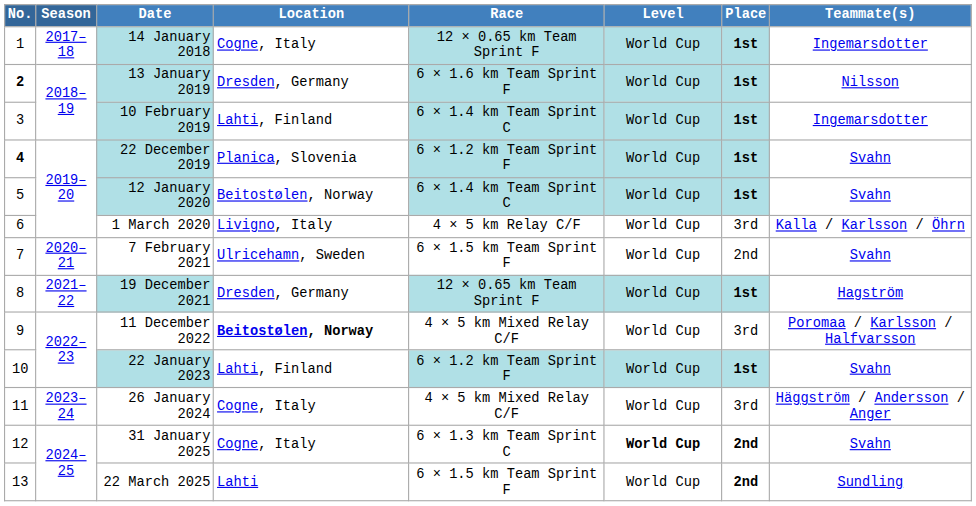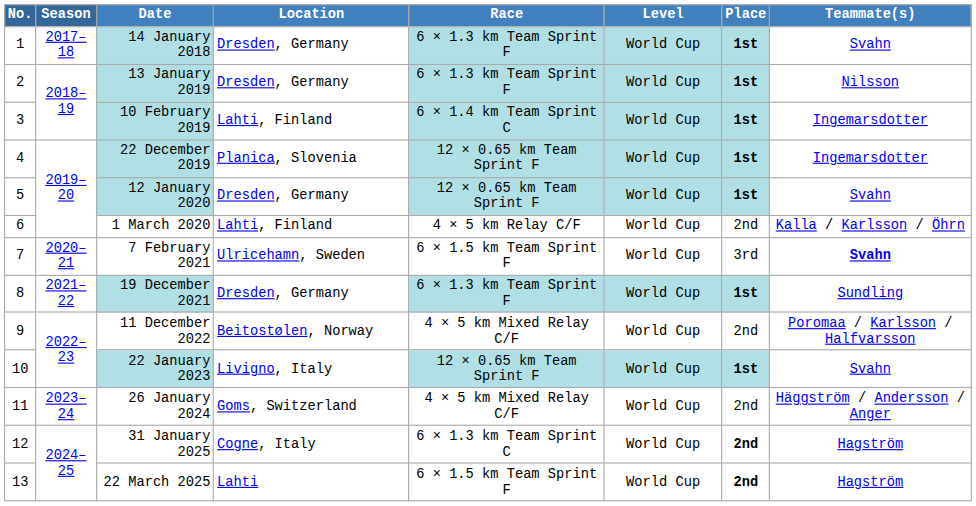 <table class="wikitable sortable" style="font-size:95%; text-align:center; border:grey solid 1px; border-collapse:collapse; background:#ffffff;">
 <tr style="background:#efefef;">
 <th style="background-color:#369; color:white;">No.</th>
 <th style="background-color:#369; color:white;">Season</th>
 <th style="background-color:#4180be; color:white; width:100px;">Date</th>
 <th style="background-color:#4180be; color:white; width:170px;">Location</th>
 <th style="background-color:#4180be; color:white; width:170px;">Race</th>
 <th style="background-color:#4180be; color:white; width:100px;">Level</th>
 <th style="background-color:#4180be; color:white;">Place</th>
 <th style="background-color:#4180be; color:white;">Teammate(s)</th>
 </tr>
 <tr>
 <td align=center>1</td>
 <td rowspan=1 align=center><a href='#'>2017–18</a></td>
 <td bgcolor="#BOEOE6" align=right>14 January 2018</td>
-<td align=left> <a href='#'>Cogne</a>, Italy</td>
-<td bgcolor="#BOEOE6">12 × 0.65 km Team Sprint F</td>
+<td align=left> <a href='#'>Dresden</a>, Germany</td>
+<td bgcolor="#BOEOE6">6 × 1.3 km Team Sprint F</td>
 <td bgcolor="#BOEOE6">World Cup</td>
 <td bgcolor="#BOEOE6"><strong>1st</strong></td>
-<td><a href='#'>Ingemarsdotter</a></td>
+<td><a href='#'>Svahn</a></td>
 </tr>
 <tr>
-<td align=center><strong>2</strong></td>
+<td align=center>2</td>
 <td rowspan=2 align=center><a href='#'>2018–19</a></td>
 <td bgcolor="#BOEOE6" align=right>13 January 2019</td>
 <td align=left> <a href='#'>Dresden</a>, Germany</td>
-<td bgcolor="#BOEOE6">6 × 1.6 km Team Sprint F</td>
+<td bgcolor="#BOEOE6">6 × 1.3 km Team Sprint F</td>
 <td bgcolor="#BOEOE6">World Cup</td>
 <td bgcolor="#BOEOE6"><strong>1st</strong></td>
 <td><a href='#'>Nilsson</a></td>
 </tr>
 <tr>
 <td align=center>3</td>
 <td bgcolor="#BOEOE6" align=right>10 February 2019</td>
 <td align=left> <a href='#'>Lahti</a>, Finland</td>
 <td bgcolor="#BOEOE6">6 × 1.4 km Team Sprint C</td>
 <td bgcolor="#BOEOE6">World Cup</td>
 <td bgcolor="#BOEOE6"><strong>1st</strong></td>
 <td><a href='#'>Ingemarsdotter</a></td>
 </tr>
 <tr>
-<td align=center><strong>4</strong></td>
+<td align=center>4</td>
 <td rowspan=3 align=center><a href='#'>2019–20</a></td>
 <td bgcolor="#BOEOE6" align=right>22 December 2019</td>
 <td align=left> <a href='#'>Planica</a>, Slovenia</td>
-<td bgcolor="#BOEOE6">6 × 1.2 km Team Sprint F</td>
+<td bgcolor="#BOEOE6">12 × 0.65 km Team Sprint F</td>
 <td bgcolor="#BOEOE6">World Cup</td>
 <td bgcolor="#BOEOE6"><strong>1st</strong></td>
-<td><a href='#'>Svahn</a></td>
+<td><a href='#'>Ingemarsdotter</a></td>
 </tr>
 <tr>
 <td align=center>5</td>
 <td bgcolor="#BOEOE6" align=right>12 January 2020</td>
-<td align=left> <a href='#'>Beitostølen</a>, Norway</td>
-<td bgcolor="#BOEOE6">6 × 1.4 km Team Sprint C</td>
+<td align=left> <a href='#'>Dresden</a>, Germany</td>
+<td bgcolor="#BOEOE6">12 × 0.65 km Team Sprint F</td>
 <td bgcolor="#BOEOE6">World Cup</td>
 <td bgcolor="#BOEOE6"><strong>1st</strong></td>
 <td><a href='#'>Svahn</a></td>
 </tr>
 <tr>
 <td align=center>6</td>
 <td align=right>1 March 2020</td>
-<td align=left> <a href='#'>Livigno</a>, Italy</td>
+<td align=left> <a href='#'>Lahti</a>, Finland</td>
 <td>4 × 5 km Relay C/F</td>
 <td>World Cup</td>
-<td>3rd</td>
+<td>2nd</td>
 <td><a href='#'>Kalla</a> / <a href='#'>Karlsson</a> / <a href='#'>Öhrn</a></td>
 </tr>
 <tr>
 <td align=center>7</td>
 <td rowspan=1 align=center><a href='#'>2020–21</a></td>
 <td align=right>7 February 2021</td>
 <td align=left> <a href='#'>Ulricehamn</a>, Sweden</td>
 <td>6 × 1.5 km Team Sprint F</td>
 <td>World Cup</td>
-<td>2nd</td>
-<td><a href='#'>Svahn</a></td>
+<td>3rd</td>
+<td><strong><a href='#'>Svahn</a></strong></td>
 </tr>
 <tr>
 <td align=center>8</td>
 <td rowspan=1 align=center><a href='#'>2021–22</a></td>
 <td bgcolor="#BOEOE6" align=right>19 December 2021</td>
 <td align=left> <a href='#'>Dresden</a>, Germany</td>
-<td bgcolor="#BOEOE6">12 × 0.65 km Team Sprint F</td>
+<td bgcolor="#BOEOE6">6 × 1.3 km Team Sprint F</td>
 <td bgcolor="#BOEOE6">World Cup</td>
 <td bgcolor="#BOEOE6"><strong>1st</strong></td>
-<td><a href='#'>Hagström</a></td>
+<td><a href='#'>Sundling</a></td>
 </tr>
 <tr>
 <td align=center>9</td>
 <td rowspan=2 align=center><a href='#'>2022–23</a></td>
 <td align=right>11 December 2022</td>
-<td align=left><strong> <a href='#'>Beitostølen</a>, Norway</strong></td>
+<td align=left> <a href='#'>Beitostølen</a>, Norway</td>
 <td>4 × 5 km Mixed Relay C/F</td>
 <td>World Cup</td>
-<td>3rd</td>
+<td>2nd</td>
 <td><a href='#'>Poromaa</a> / <a href='#'>Karlsson</a> / <a href='#'>Halfvarsson</a></td>
 </tr>
 <tr>
 <td align=center>10</td>
 <td bgcolor="#BOEOE6" align=right>22 January 2023</td>
-<td align=left> <a href='#'>Lahti</a>, Finland</td>
-<td bgcolor="#BOEOE6">6 × 1.2 km Team Sprint F</td>
+<td align=left> <a href='#'>Livigno</a>, Italy</td>
+<td bgcolor="#BOEOE6">12 × 0.65 km Team Sprint F</td>
 <td bgcolor="#BOEOE6">World Cup</td>
 <td bgcolor="#BOEOE6"><strong>1st</strong></td>
 <td><a href='#'>Svahn</a></td>
 </tr>
 <tr>
 <td align=center>11</td>
 <td rowspan=1 align=center><a href='#'>2023–24</a></td>
 <td align=right>26 January 2024</td>
-<td align=left> <a href='#'>Cogne</a>, Italy</td>
+<td align=left> <a href='#'>Goms</a>, Switzerland</td>
 <td>4 × 5 km Mixed Relay C/F</td>
 <td>World Cup</td>
-<td>3rd</td>
+<td>2nd</td>
 <td><a href='#'>Häggström</a> / <a href='#'>Andersson</a> / <a href='#'>Anger</a></td>
 </tr>
 <tr>
 <td align=center>12</td>
 <td rowspan=2 align=center><a href='#'>2024–25</a></td>
 <td align=right>31 January 2025</td>
 <td align=left> <a href='#'>Cogne</a>, Italy</td>
 <td>6 × 1.3 km Team Sprint C</td>
-<td><strong>World Cup</strong></td>
+<td>World Cup</td>
 <td><strong>2nd</strong></td>
-<td><a href='#'>Svahn</a></td>
+<td><a href='#'>Hagström</a></td>
 </tr>
 <tr>
 <td align=center>13</td>
 <td align=right>22 March 2025</td>
 <td align=left> <a href='#'>Lahti</a></td>
 <td>6 × 1.5 km Team Sprint F</td>
 <td>World Cup</td>
 <td><strong>2nd</strong></td>
-<td><a href='#'>Sundling</a></td>
+<td><a href='#'>Hagström</a></td>
 </tr>
 </table>
